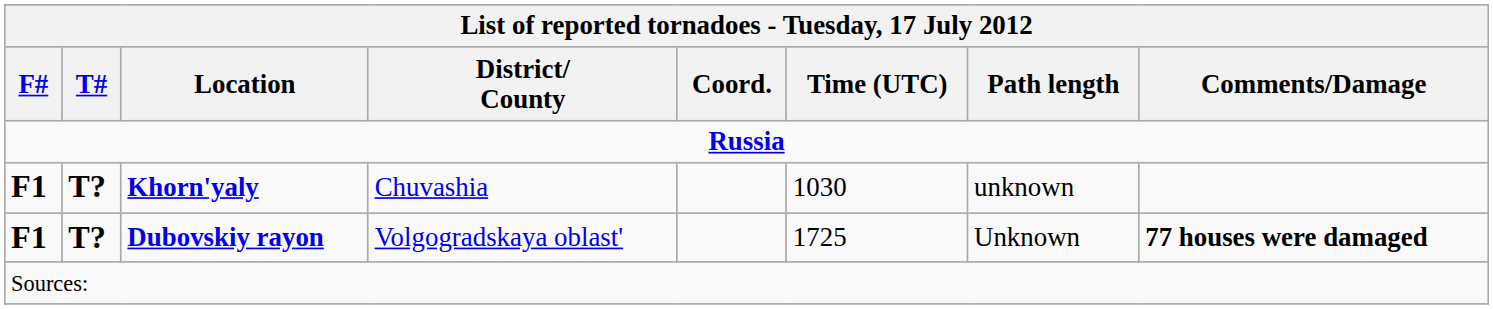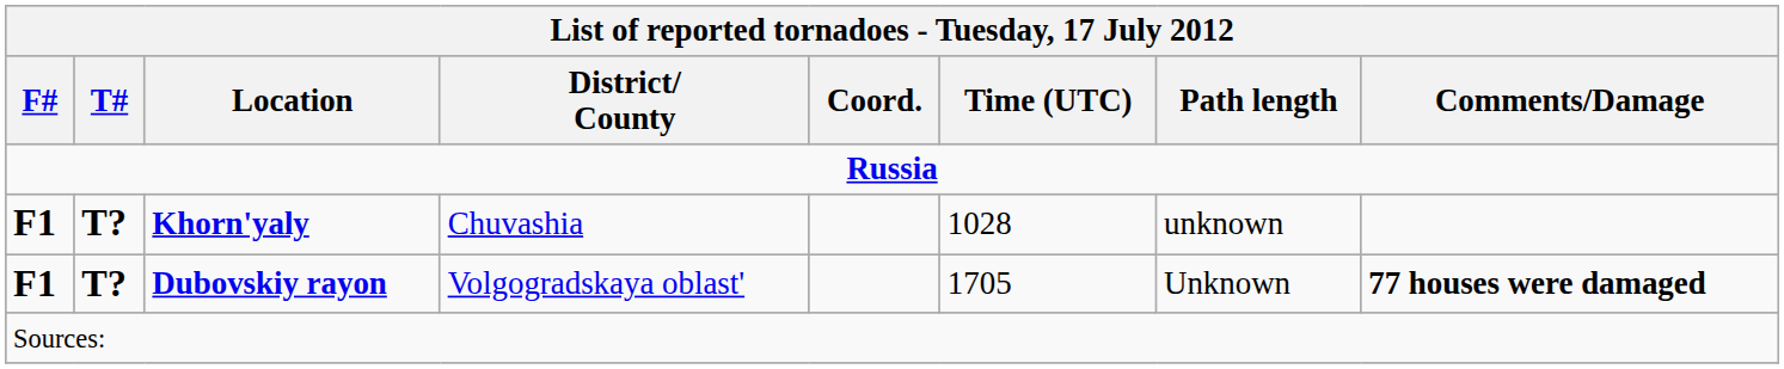 <table class="wikitable collapsible" width="100%">
 <tr>
 <th colspan="8">List of reported tornadoes - Tuesday, 17 July 2012</th>
 </tr>
 <tr>
 <th><a href='#'>F#</a></th>
 <th><a href='#'>T#</a></th>
 <th>Location</th>
 <th>District/<br>County</th>
 <th>Coord.</th>
 <th>Time (UTC)</th>
 <th>Path length</th>
 <th>Comments/Damage</th>
 </tr>
 <tr>
 <td colspan="8" align=center><strong><a href='#'>Russia</a></strong></td>
 </tr>
 <tr>
 <td><big><strong>F1</strong></big></td>
 <td><big><strong>T?</strong></big></td>
 <td><strong><a href='#'>Khorn'yaly</a></strong></td>
 <td><a href='#'>Chuvashia</a></td>
 <td></td>
-<td>1030</td>
+<td>1028</td>
 <td>unknown</td>
 <td></td>
 </tr>
 <tr>
 <td><big><strong>F1</strong></big></td>
 <td><big><strong>T?</strong></big></td>
 <td><strong><a href='#'>Dubovskiy rayon</a></strong></td>
 <td><a href='#'>Volgogradskaya oblast'</a></td>
 <td></td>
-<td>1725</td>
+<td>1705</td>
 <td>Unknown</td>
 <td><strong>77 houses were damaged</strong></td>
 </tr>
 <tr>
 <td colspan="8"><small>Sources:  </small></td>
 </tr>
 </table>
